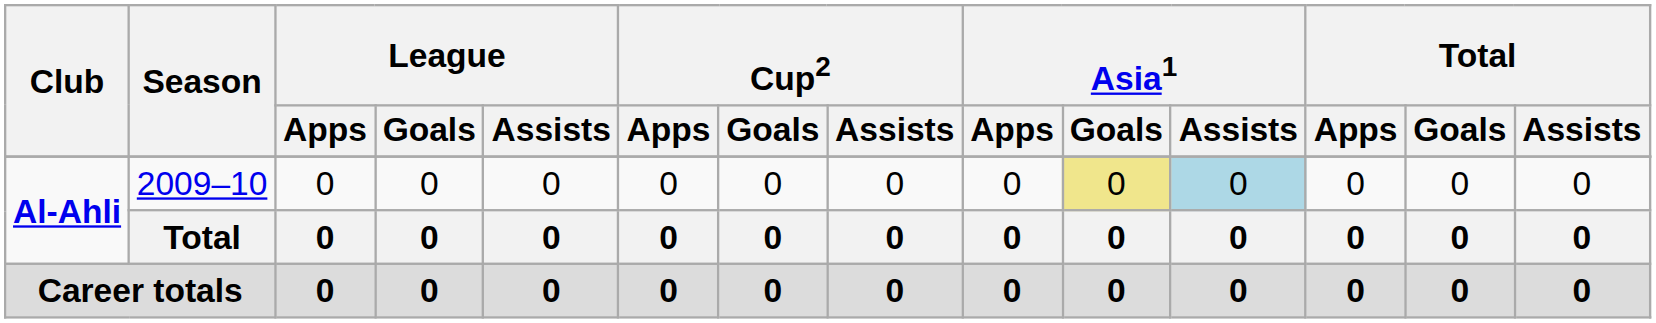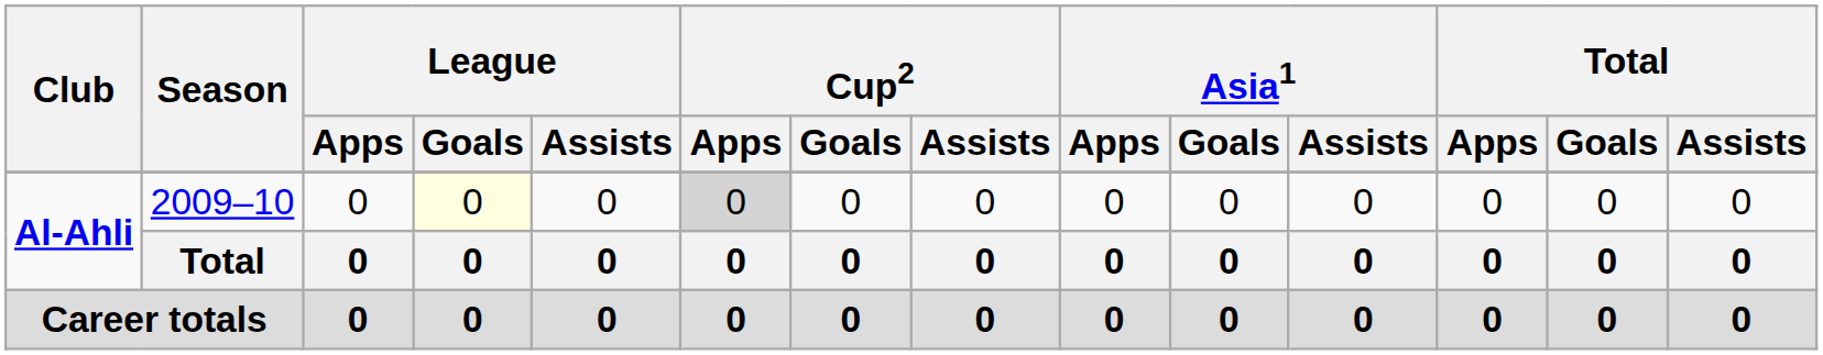 <table class="wikitable" style="font-size:90%; text-align: center;">
 <tr>
 <th rowspan="2">Club</th>
 <th rowspan="2">Season</th>
 <th colspan="3">League</th>
 <th colspan="3"><br>Cup<sup>2</sup></th>
 <th colspan="3"><br><a href='#'>Asia</a><sup>1</sup></th>
 <th colspan="3">Total</th>
 </tr>
 <tr>
 <th>Apps</th>
 <th>Goals</th>
 <th>Assists</th>
 <th>Apps</th>
 <th>Goals</th>
 <th>Assists</th>
 <th>Apps</th>
 <th>Goals</th>
 <th>Assists</th>
 <th>Apps</th>
 <th>Goals</th>
 <th>Assists</th>
 </tr>
 <tr>
 </tr>
 <tr align=center>
 <td rowspan="2" align=center valign=center><strong><a href='#'>Al-Ahli</a></strong></td>
 <td><a href='#'>2009–10</a></td>
 <td>0</td>
+<td style="background: lightyellow;">0</td>
+<td>0</td>
+<td style="background: lightgrey;">0</td>
 <td>0</td>
 <td>0</td>
 <td>0</td>
 <td>0</td>
 <td>0</td>
-<td>0</td>
-<td style="background: khaki;">0</td>
-<td style="background: lightblue;">0</td>
 <td>0</td>
 <td>0</td>
 <td>0</td>
 </tr>
 <tr align=center>
 <th>Total</th>
 <th>0</th>
 <th>0</th>
 <th>0</th>
 <th>0</th>
 <th>0</th>
 <th>0</th>
 <th>0</th>
 <th>0</th>
 <th>0</th>
 <th>0</th>
 <th>0</th>
 <th>0</th>
 </tr>
 <tr>
 <th style="background: #DCDCDC" colspan="2">Career totals</th>
 <th style="background: #DCDCDC">0</th>
 <th style="background: #DCDCDC">0</th>
 <th style="background: #DCDCDC">0</th>
 <th style="background: #DCDCDC">0</th>
 <th style="background: #DCDCDC">0</th>
 <th style="background: #DCDCDC">0</th>
 <th style="background: #DCDCDC">0</th>
 <th style="background: #DCDCDC">0</th>
 <th style="background: #DCDCDC">0</th>
 <th style="background: #DCDCDC">0</th>
 <th style="background: #DCDCDC">0</th>
 <th style="background: #DCDCDC">0</th>
 </tr>
 </table>
